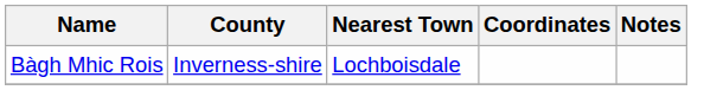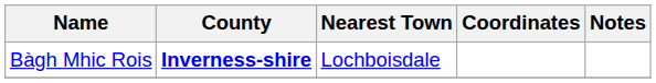 <table class="wikitable sortable" style="table-layout:fixed;background-color:#FEFEFE;font-size:95%;padding:0.30em;line-height:1.35em;">
 <tr>
 <th scope="col">Name</th>
 <th scope="col">County</th>
 <th scope="col">Nearest Town</th>
 <th scope="col" data-sort-type="number">Coordinates</th>
 <th scope="col">Notes</th>
 </tr>
 <tr>
 <td><a href='#'>Bàgh Mhic Rois</a></td>
-<td><a href='#'>Inverness-shire</a></td>
+<td><strong><a href='#'>Inverness-shire</a></strong></td>
 <td><a href='#'>Lochboisdale</a></td>
 <td></td>
 <td></td>
 </tr>
 <tr>
 </tr>
 </table>
